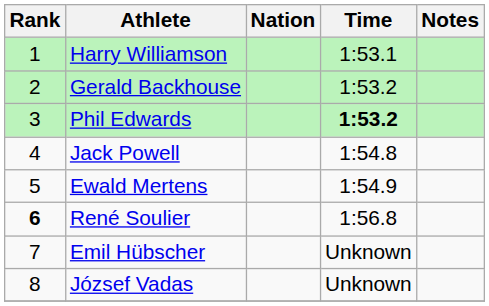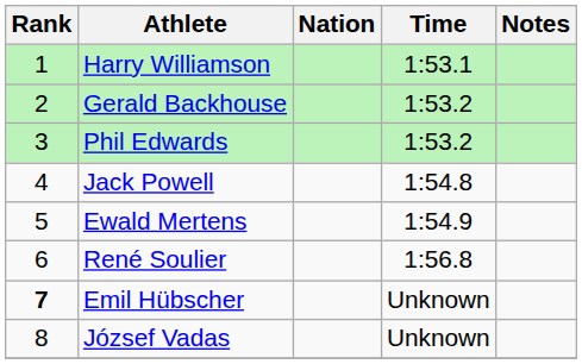 <table class="wikitable sortable" style="text-align:center">
 <tr>
 <th>Rank</th>
 <th>Athlete</th>
 <th>Nation</th>
 <th>Time</th>
 <th>Notes</th>
 </tr>
 <tr bgcolor=bbf3bb>
 <td>1</td>
 <td align=left><a href='#'>Harry Williamson</a></td>
 <td align=left></td>
 <td>1:53.1</td>
 <td></td>
 </tr>
 <tr bgcolor=bbf3bb>
 <td>2</td>
 <td align=left><a href='#'>Gerald Backhouse</a></td>
 <td align=left></td>
 <td>1:53.2</td>
 <td></td>
 </tr>
 <tr bgcolor=bbf3bb>
 <td>3</td>
 <td align=left><a href='#'>Phil Edwards</a></td>
 <td align=left></td>
-<td><strong>1:53.2</strong></td>
+<td>1:53.2</td>
 <td></td>
 </tr>
 <tr>
 <td>4</td>
 <td align=left><a href='#'>Jack Powell</a></td>
 <td align=left></td>
 <td>1:54.8</td>
 <td></td>
 </tr>
 <tr>
 <td>5</td>
 <td align=left><a href='#'>Ewald Mertens</a></td>
 <td align=left></td>
 <td>1:54.9</td>
 <td></td>
 </tr>
 <tr>
-<td><strong>6</strong></td>
+<td>6</td>
 <td align=left><a href='#'>René Soulier</a></td>
 <td align=left></td>
 <td>1:56.8</td>
 <td></td>
 </tr>
 <tr>
-<td>7</td>
+<td><strong>7</strong></td>
 <td align=left><a href='#'>Emil Hübscher</a></td>
 <td align=left></td>
 <td data-sort-value=2:00.0>Unknown</td>
 <td></td>
 </tr>
 <tr>
 <td>8</td>
 <td align=left><a href='#'>József Vadas</a></td>
 <td align=left></td>
 <td data-sort-value=3:00.0>Unknown</td>
 <td></td>
 </tr>
 <tr>
 </tr>
 </table>
